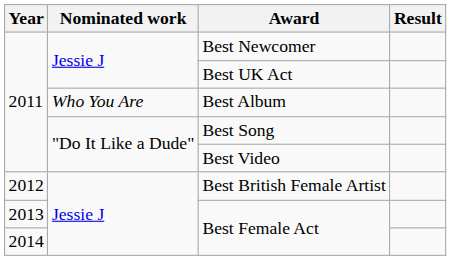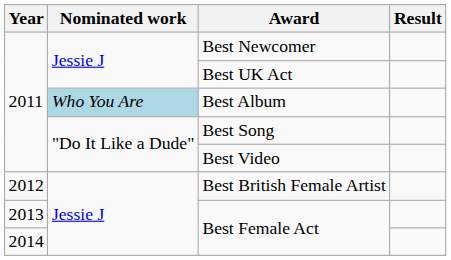 <table class="wikitable">
 <tr>
 <th>Year</th>
 <th>Nominated work</th>
 <th>Award</th>
 <th>Result</th>
 </tr>
 <tr>
 <td rowspan="5">2011</td>
 <td rowspan="2"><a href='#'>Jessie J</a></td>
 <td>Best Newcomer</td>
 <td></td>
 </tr>
 <tr>
 <td>Best UK Act</td>
 <td></td>
 </tr>
 <tr>
-<td rowspan="1"><em>Who You Are</em></td>
+<td rowspan="1" style="background: lightblue;"><em>Who You Are</em></td>
 <td>Best Album</td>
 <td></td>
 </tr>
 <tr>
 <td rowspan="2">"Do It Like a Dude"</td>
 <td>Best Song</td>
 <td></td>
 </tr>
 <tr>
 <td>Best Video</td>
 <td></td>
 </tr>
 <tr>
 <td>2012</td>
 <td rowspan="3"><a href='#'>Jessie J</a></td>
 <td>Best British Female Artist</td>
 <td></td>
 </tr>
 <tr>
 <td>2013</td>
 <td rowspan="2">Best Female Act</td>
 <td></td>
 </tr>
 <tr>
 <td>2014</td>
 <td></td>
 </tr>
 </table>
